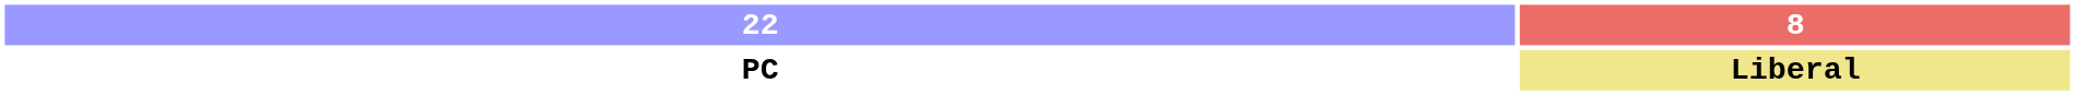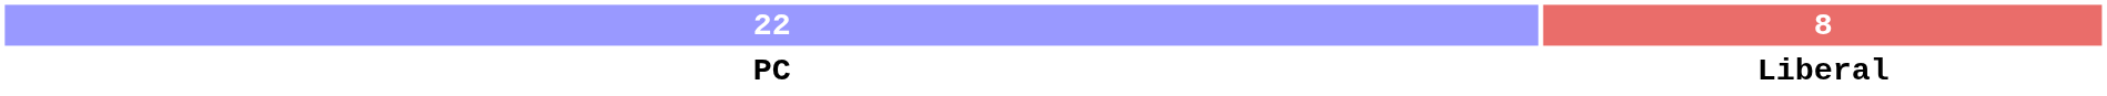 <table style="width:55%; text-align:center;">
 <tr style="color:white;">
 <td style="background:#9999FF; width:73.33%;"><strong>22</strong></td>
 <td style="background:#EA6D6A; width:26.67%;"><strong>8</strong></td>
 </tr>
 <tr>
 <td><span><strong>PC</strong></span></td>
-<td style="background: khaki;"><span><strong>Liberal</strong></span></td>
+<td><span><strong>Liberal</strong></span></td>
 </tr>
 </table>
